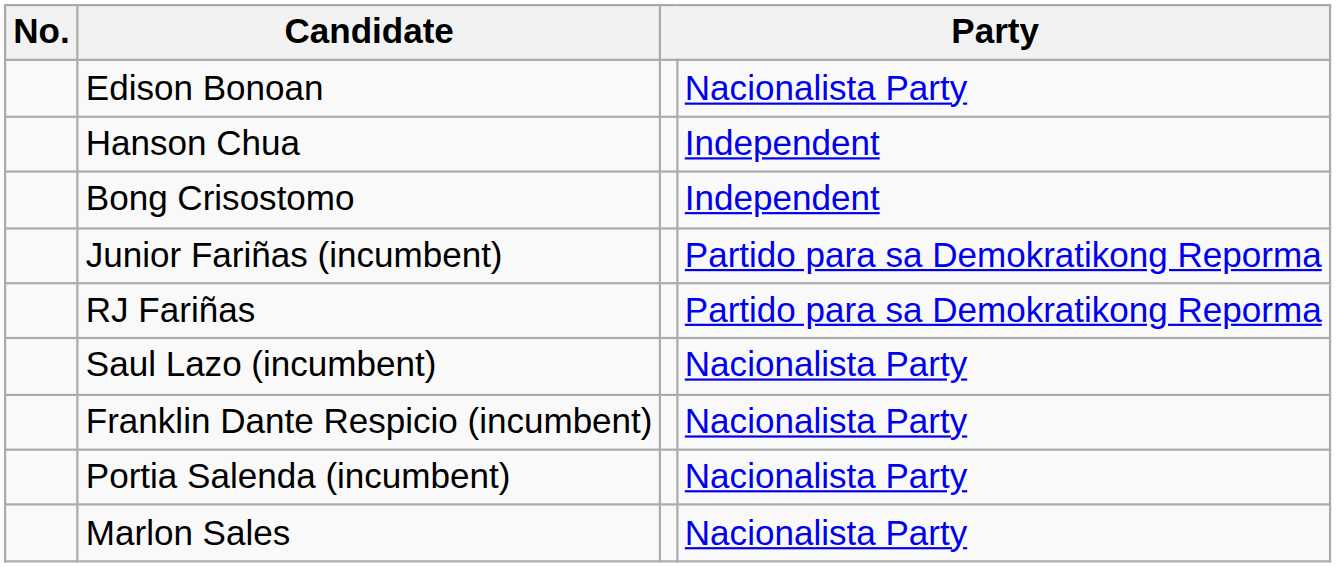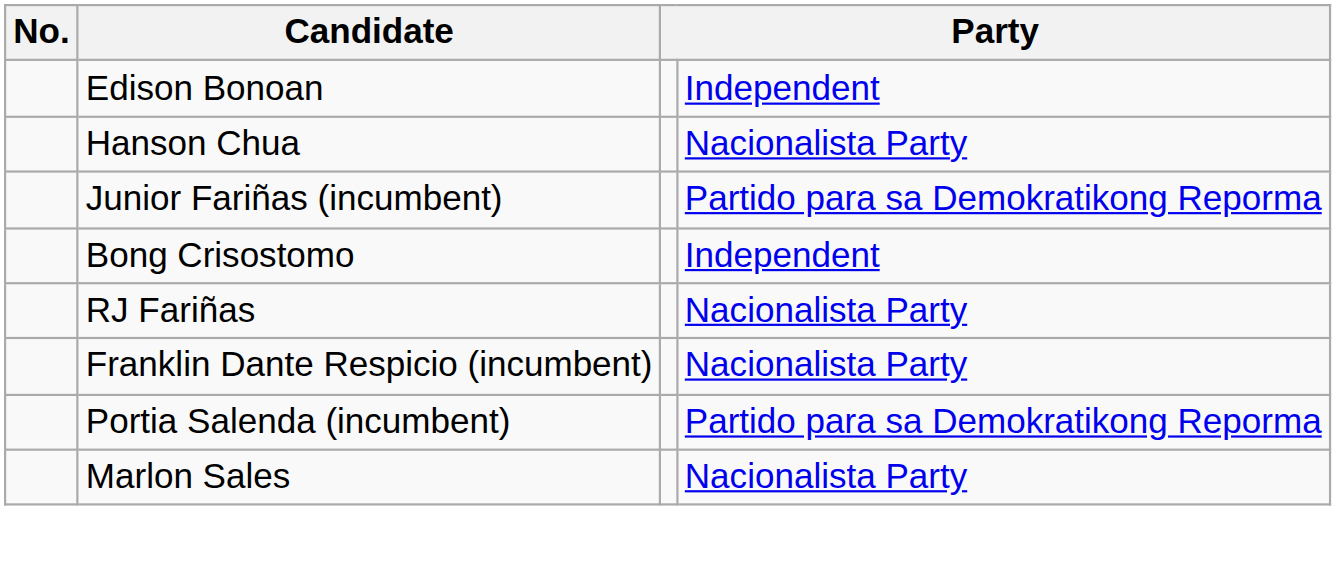 <table class="wikitable sortable" style="text-align:left;">
 <tr>
 <th>No.</th>
 <th>Candidate</th>
 <th colspan="2">Party</th>
 </tr>
 <tr>
 <td></td>
 <td>Edison Bonoan</td>
 <td></td>
-<td><a href='#'>Nacionalista Party</a></td>
+<td><a href='#'>Independent</a></td>
 </tr>
 <tr>
 <td></td>
 <td>Hanson Chua</td>
 <td></td>
-<td><a href='#'>Independent</a></td>
+<td><a href='#'>Nacionalista Party</a></td>
+</tr>
+<tr>
+<td></td>
+<td>Junior Fariñas (incumbent)</td>
+<td></td>
+<td><a href='#'>Partido para sa Demokratikong Reporma</a></td>
 </tr>
 <tr>
 <td></td>
 <td>Bong Crisostomo</td>
 <td></td>
 <td><a href='#'>Independent</a></td>
 </tr>
 <tr>
 <td></td>
-<td>Junior Fariñas (incumbent)</td>
-<td></td>
-<td><a href='#'>Partido para sa Demokratikong Reporma</a></td>
-</tr>
-<tr>
-<td></td>
 <td>RJ Fariñas</td>
-<td></td>
-<td><a href='#'>Partido para sa Demokratikong Reporma</a></td>
-</tr>
-<tr>
-<td></td>
-<td>Saul Lazo (incumbent)</td>
 <td></td>
 <td><a href='#'>Nacionalista Party</a></td>
 </tr>
 <tr>
 <td></td>
 <td>Franklin Dante Respicio (incumbent)</td>
 <td></td>
 <td><a href='#'>Nacionalista Party</a></td>
 </tr>
 <tr>
 <td></td>
 <td>Portia Salenda (incumbent)</td>
 <td></td>
-<td><a href='#'>Nacionalista Party</a></td>
+<td><a href='#'>Partido para sa Demokratikong Reporma</a></td>
 </tr>
 <tr>
 <td></td>
 <td>Marlon Sales</td>
 <td></td>
 <td><a href='#'>Nacionalista Party</a></td>
 </tr>
 </table>
